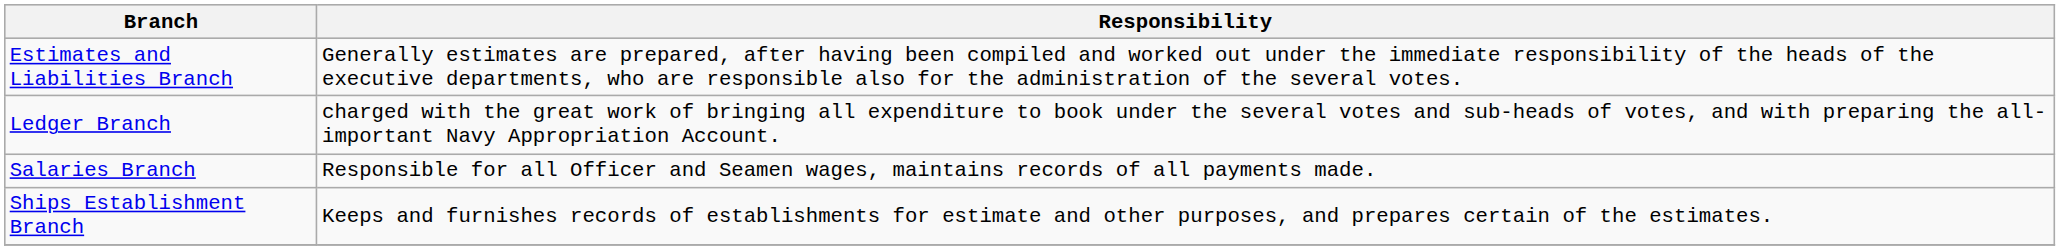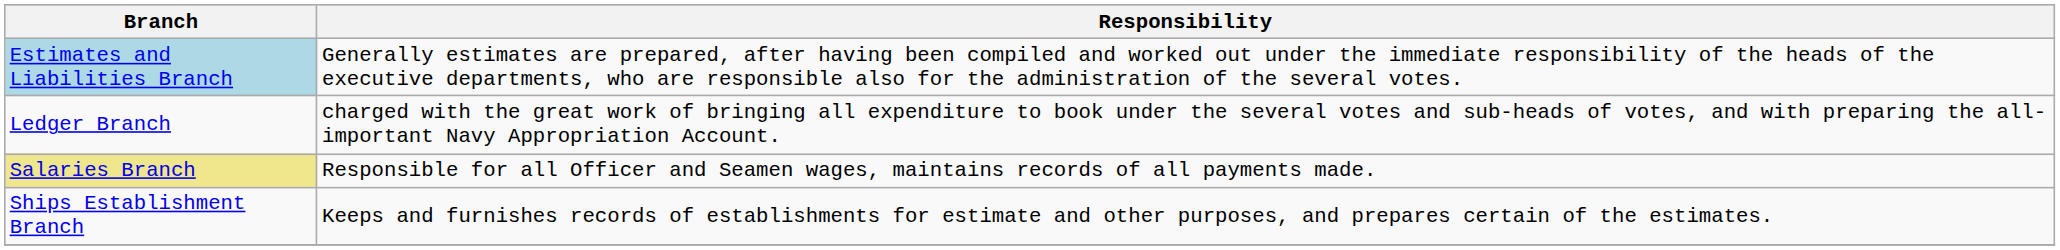 <table class="collapsible wikitable collapsed" style="width: 65%">
 <tr>
 <th>Branch</th>
 <th>Responsibility</th>
 </tr>
 <tr>
-<td><a href='#'>Estimates and Liabilities Branch</a></td>
+<td style="background: lightblue;"><a href='#'>Estimates and Liabilities Branch</a></td>
 <td>Generally estimates are prepared, after having been compiled and worked out under the immediate responsibility of the heads of the executive departments, who are responsible also for the administration of the several votes.</td>
 </tr>
 <tr>
 <td><a href='#'>Ledger Branch</a></td>
 <td>charged with the great work of bringing all expenditure to book under the several votes and sub-heads of votes, and with preparing the all-important Navy Appropriation Account.</td>
 </tr>
 <tr>
-<td><a href='#'>Salaries Branch</a></td>
+<td style="background: khaki;"><a href='#'>Salaries Branch</a></td>
 <td>Responsible for all Officer and Seamen wages, maintains records of all payments made.</td>
 </tr>
 <tr>
 <td><a href='#'>Ships Establishment Branch</a></td>
 <td>Keeps and furnishes records of establishments for estimate and other purposes, and prepares certain of the estimates.</td>
 </tr>
 <tr>
 </tr>
 </table>
